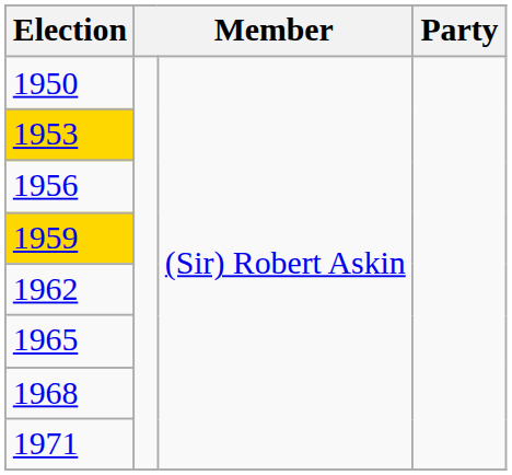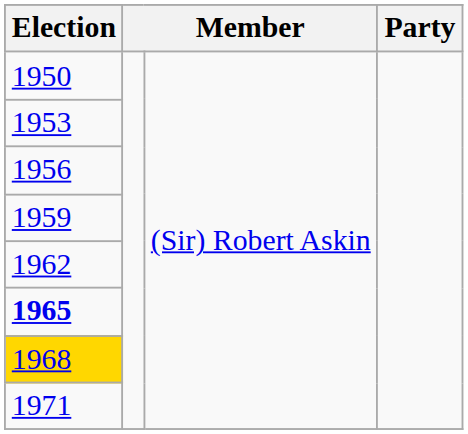 <table class="wikitable">
 <tr>
 <th>Election</th>
 <th colspan="2">Member</th>
 <th>Party</th>
 </tr>
 <tr>
 <td><a href='#'>1950</a></td>
 <td rowspan="8" > </td>
 <td rowspan="8"><a href='#'>(Sir) Robert Askin</a></td>
 <td rowspan="8"></td>
 </tr>
 <tr>
-<td style="background: gold;"><a href='#'>1953</a></td>
+<td><a href='#'>1953</a></td>
 </tr>
 <tr>
 <td><a href='#'>1956</a></td>
 </tr>
 <tr>
-<td style="background: gold;"><a href='#'>1959</a></td>
+<td><a href='#'>1959</a></td>
 </tr>
 <tr>
 <td><a href='#'>1962</a></td>
 </tr>
 <tr>
-<td><a href='#'>1965</a></td>
+<td><strong><a href='#'>1965</a></strong></td>
 </tr>
 <tr>
-<td><a href='#'>1968</a></td>
+<td style="background: gold;"><a href='#'>1968</a></td>
 </tr>
 <tr>
 <td><a href='#'>1971</a></td>
 </tr>
 </table>
